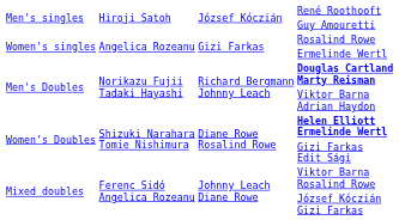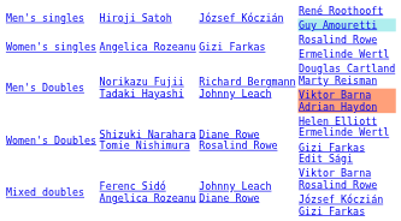 <table>
 <tr>
 <td rowspan=2><a href='#'>Men's singles</a></td>
 <td rowspan=2> <a href='#'>Hiroji Satoh</a></td>
 <td rowspan=2> <a href='#'>József Kóczián</a></td>
 <td> <a href='#'>René Roothooft</a></td>
 </tr>
 <tr>
-<td> <a href='#'>Guy Amouretti</a></td>
+<td style="background: paleturquoise;"> <a href='#'>Guy Amouretti</a></td>
 </tr>
 <tr>
 <td rowspan=2><a href='#'>Women's singles</a></td>
 <td rowspan=2> <a href='#'>Angelica Rozeanu</a></td>
 <td rowspan=2> <a href='#'>Gizi Farkas</a></td>
 <td> <a href='#'>Rosalind Rowe</a></td>
 </tr>
 <tr>
 <td> <a href='#'>Ermelinde Wertl</a></td>
 </tr>
 <tr>
 <td rowspan=2><a href='#'>Men's Doubles</a></td>
 <td rowspan=2> <a href='#'>Norikazu Fujii</a><br> <a href='#'>Tadaki Hayashi</a></td>
 <td rowspan=2> <a href='#'>Richard Bergmann</a><br> <a href='#'>Johnny Leach</a></td>
-<td><strong> <a href='#'>Douglas Cartland</a><br> <a href='#'>Marty Reisman</a></strong></td>
+<td> <a href='#'>Douglas Cartland</a><br> <a href='#'>Marty Reisman</a></td>
 </tr>
 <tr>
-<td> <a href='#'>Viktor Barna</a><br> <a href='#'>Adrian Haydon</a></td>
+<td style="background: lightsalmon;"> <a href='#'>Viktor Barna</a><br> <a href='#'>Adrian Haydon</a></td>
 </tr>
 <tr>
 <td rowspan=2><a href='#'>Women's Doubles</a></td>
 <td rowspan=2> <a href='#'>Shizuki Narahara</a><br> <a href='#'>Tomie Nishimura</a></td>
 <td rowspan=2> <a href='#'>Diane Rowe</a><br> <a href='#'>Rosalind Rowe</a></td>
-<td><strong> <a href='#'>Helen Elliott</a><br> <a href='#'>Ermelinde Wertl</a></strong></td>
+<td> <a href='#'>Helen Elliott</a><br> <a href='#'>Ermelinde Wertl</a></td>
 </tr>
 <tr>
 <td> <a href='#'>Gizi Farkas</a><br> <a href='#'>Edit Sági</a></td>
 </tr>
 <tr>
 <td rowspan=2><a href='#'>Mixed doubles</a></td>
 <td rowspan=2> <a href='#'>Ferenc Sidó</a><br> <a href='#'>Angelica Rozeanu</a></td>
 <td rowspan=2> <a href='#'>Johnny Leach</a><br> <a href='#'>Diane Rowe</a></td>
 <td> <a href='#'>Viktor Barna</a><br> <a href='#'>Rosalind Rowe</a></td>
 </tr>
 <tr>
 <td> <a href='#'>József Kóczián</a><br> <a href='#'>Gizi Farkas</a></td>
 </tr>
 </table>
